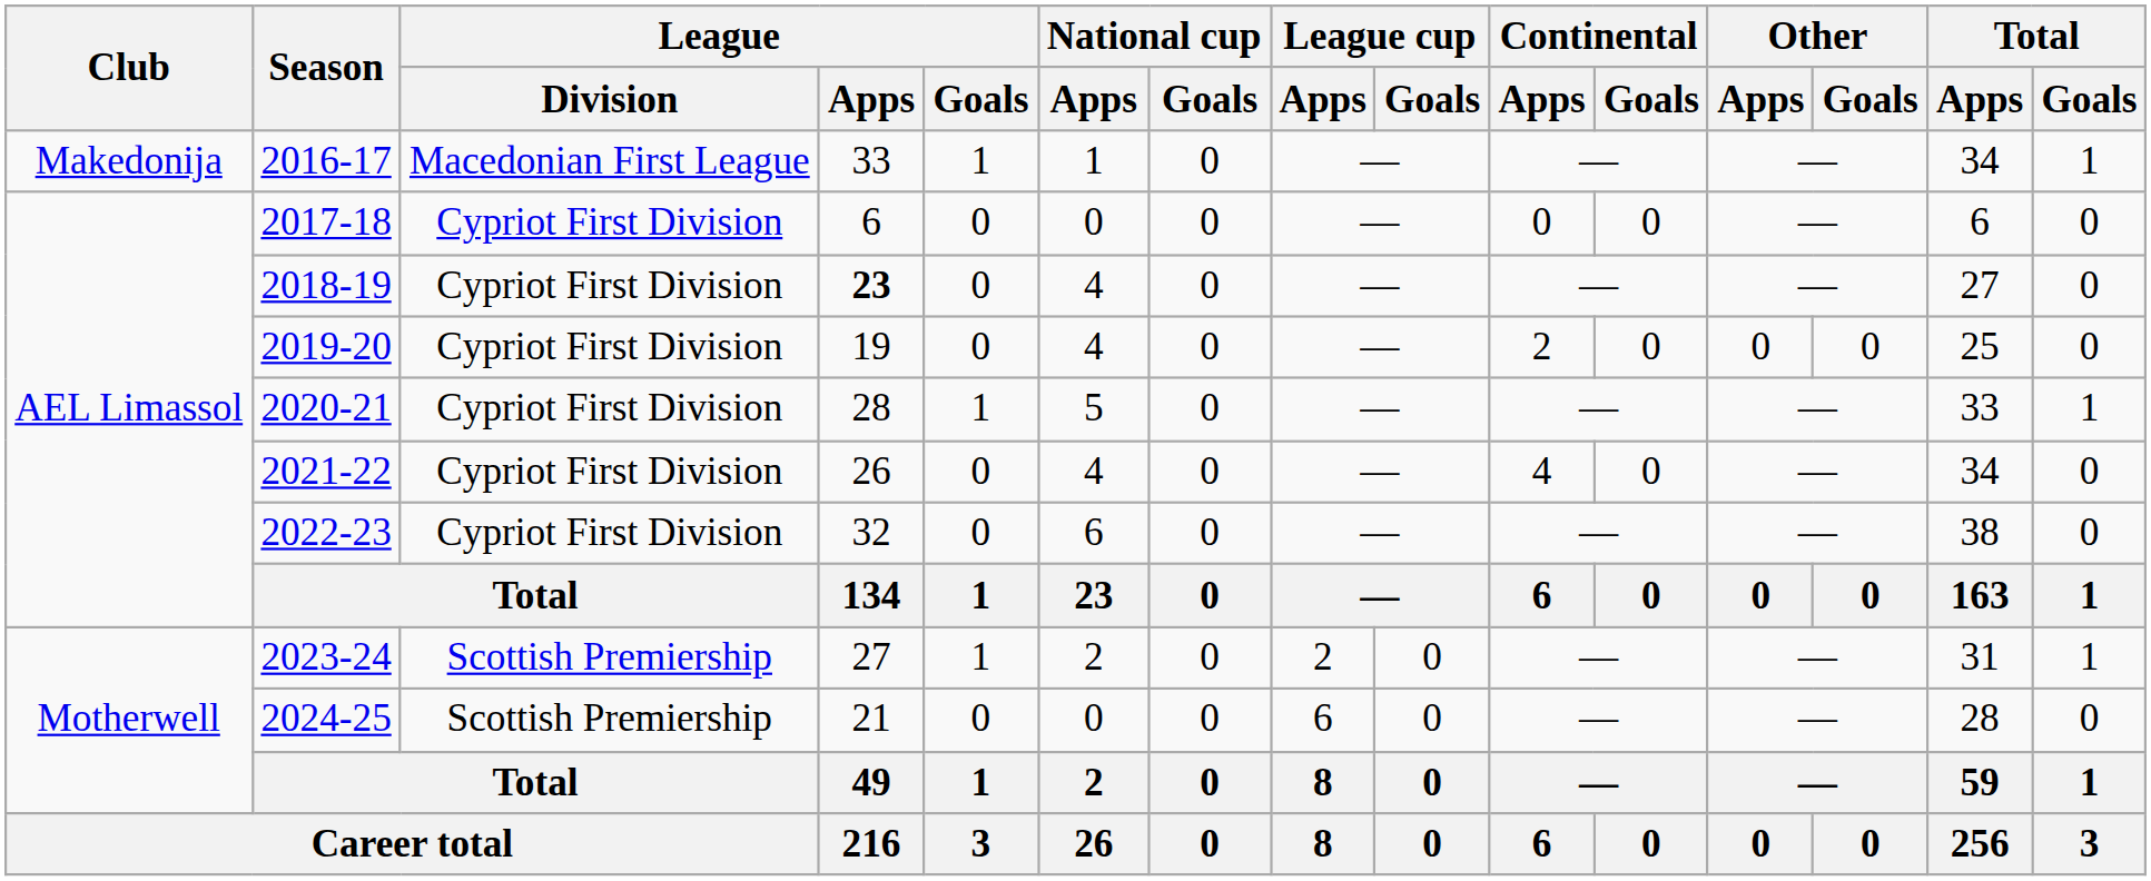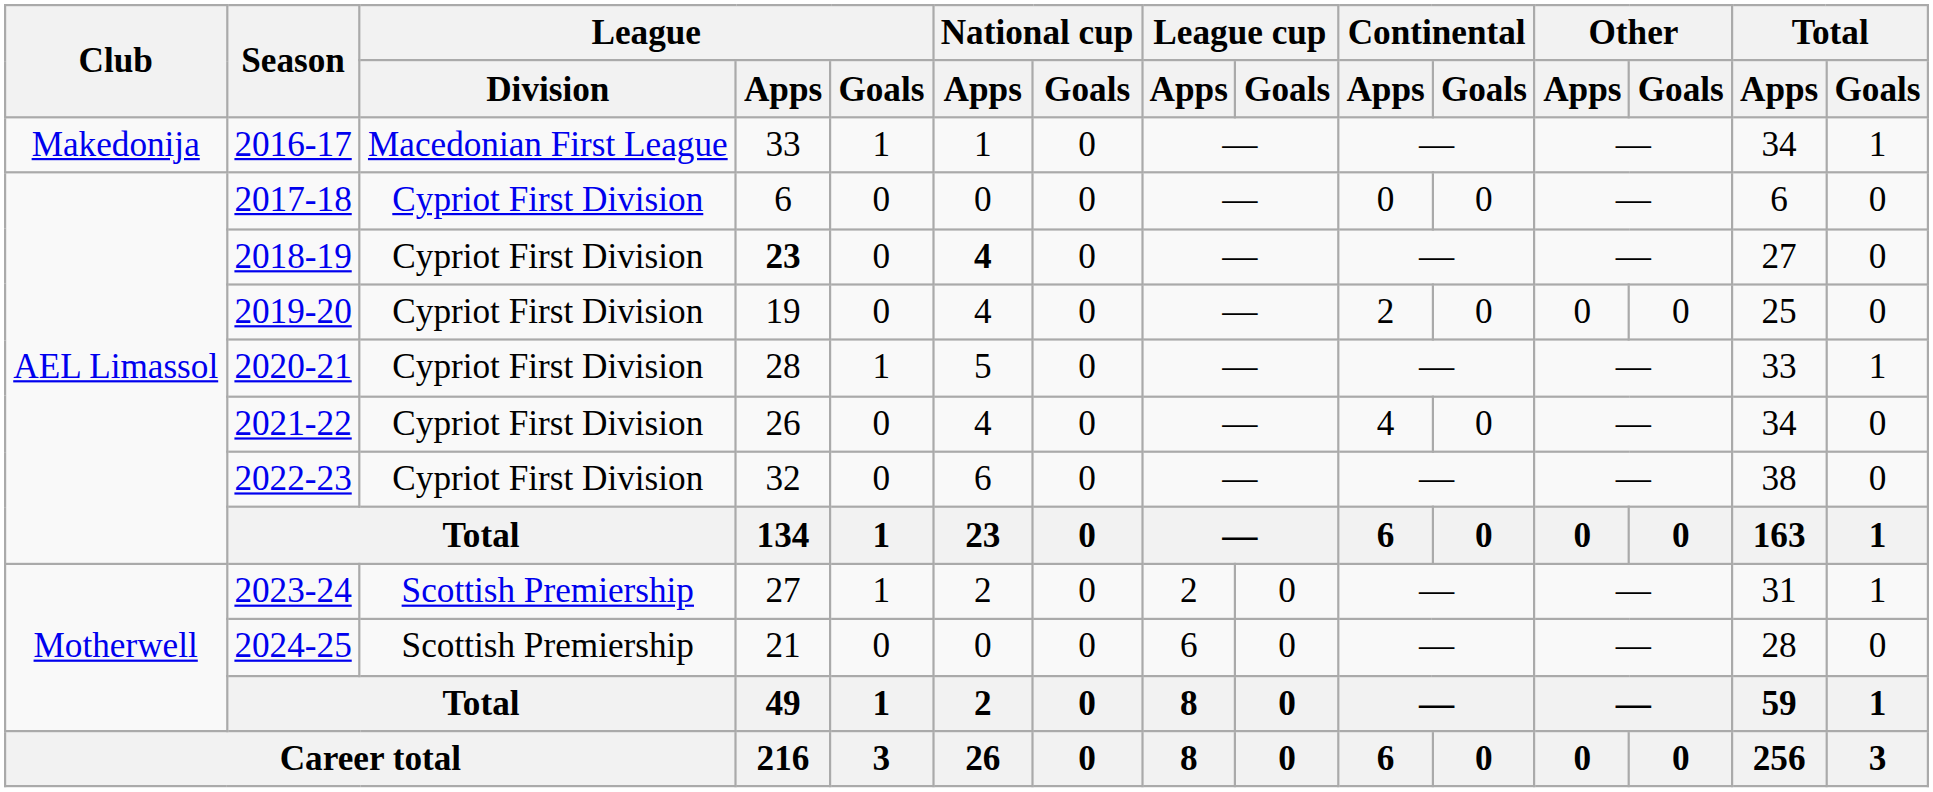 <table class="wikitable" style="text-align: center;">
 <tr>
 <th rowspan="2">Club</th>
 <th rowspan="2">Season</th>
 <th colspan="3">League</th>
 <th colspan="2">National cup</th>
 <th colspan="2">League cup</th>
 <th colspan="2">Continental</th>
 <th colspan="2">Other</th>
 <th colspan="2">Total</th>
 </tr>
 <tr>
 <th>Division</th>
 <th>Apps</th>
 <th>Goals</th>
 <th>Apps</th>
 <th>Goals</th>
 <th>Apps</th>
 <th>Goals</th>
 <th>Apps</th>
 <th>Goals</th>
 <th>Apps</th>
 <th>Goals</th>
 <th>Apps</th>
 <th>Goals</th>
 </tr>
 <tr>
 <td><a href='#'>Makedonija</a></td>
 <td><a href='#'>2016-17</a></td>
 <td><a href='#'>Macedonian First League</a></td>
 <td>33</td>
 <td>1</td>
 <td>1</td>
 <td>0</td>
 <td colspan="2">—</td>
 <td colspan="2">—</td>
 <td colspan="2">—</td>
 <td>34</td>
 <td>1</td>
 </tr>
 <tr>
 <td rowspan="7"><a href='#'>AEL Limassol</a></td>
 <td><a href='#'>2017-18</a></td>
 <td><a href='#'>Cypriot First Division</a></td>
 <td>6</td>
 <td>0</td>
 <td>0</td>
 <td>0</td>
 <td colspan="2">—</td>
 <td>0</td>
 <td>0</td>
 <td colspan="2">—</td>
 <td>6</td>
 <td>0</td>
 </tr>
 <tr>
 <td><a href='#'>2018-19</a></td>
 <td>Cypriot First Division</td>
 <td><strong>23</strong></td>
 <td>0</td>
-<td>4</td>
+<td><strong>4</strong></td>
 <td>0</td>
 <td colspan="2">—</td>
 <td colspan="2">—</td>
 <td colspan="2">—</td>
 <td>27</td>
 <td>0</td>
 </tr>
 <tr>
 <td><a href='#'>2019-20</a></td>
 <td>Cypriot First Division</td>
 <td>19</td>
 <td>0</td>
 <td>4</td>
 <td>0</td>
 <td colspan="2">—</td>
 <td>2</td>
 <td>0</td>
 <td>0</td>
 <td>0</td>
 <td>25</td>
 <td>0</td>
 </tr>
 <tr>
 <td><a href='#'>2020-21</a></td>
 <td>Cypriot First Division</td>
 <td>28</td>
 <td>1</td>
 <td>5</td>
 <td>0</td>
 <td colspan="2">—</td>
 <td colspan="2">—</td>
 <td colspan="2">—</td>
 <td>33</td>
 <td>1</td>
 </tr>
 <tr>
 <td><a href='#'>2021-22</a></td>
 <td>Cypriot First Division</td>
 <td>26</td>
 <td>0</td>
 <td>4</td>
 <td>0</td>
 <td colspan="2">—</td>
 <td>4</td>
 <td>0</td>
 <td colspan="2">—</td>
 <td>34</td>
 <td>0</td>
 </tr>
 <tr>
 <td><a href='#'>2022-23</a></td>
 <td>Cypriot First Division</td>
 <td>32</td>
 <td>0</td>
 <td>6</td>
 <td>0</td>
 <td colspan="2">—</td>
 <td colspan="2">—</td>
 <td colspan="2">—</td>
 <td>38</td>
 <td>0</td>
 </tr>
 <tr>
 <th colspan="2">Total</th>
 <th>134</th>
 <th>1</th>
 <th>23</th>
 <th>0</th>
 <th colspan="2">—</th>
 <th>6</th>
 <th>0</th>
 <th>0</th>
 <th>0</th>
 <th>163</th>
 <th>1</th>
 </tr>
 <tr>
 <td rowspan="3"><a href='#'>Motherwell</a></td>
 <td><a href='#'>2023-24</a></td>
 <td><a href='#'>Scottish Premiership</a></td>
 <td>27</td>
 <td>1</td>
 <td>2</td>
 <td>0</td>
 <td>2</td>
 <td>0</td>
 <td colspan="2">—</td>
 <td colspan="2">—</td>
 <td>31</td>
 <td>1</td>
 </tr>
 <tr>
 <td><a href='#'>2024-25</a></td>
 <td>Scottish Premiership</td>
 <td>21</td>
 <td>0</td>
 <td>0</td>
 <td>0</td>
 <td>6</td>
 <td>0</td>
 <td colspan="2">—</td>
 <td colspan="2">—</td>
 <td>28</td>
 <td>0</td>
 </tr>
 <tr>
 <th colspan="2">Total</th>
 <th>49</th>
 <th>1</th>
 <th>2</th>
 <th>0</th>
 <th>8</th>
 <th>0</th>
 <th colspan="2">—</th>
 <th colspan="2">—</th>
 <th>59</th>
 <th>1</th>
 </tr>
 <tr>
 <th colspan="3">Career total</th>
 <th>216</th>
 <th>3</th>
 <th>26</th>
 <th>0</th>
 <th>8</th>
 <th>0</th>
 <th>6</th>
 <th>0</th>
 <th>0</th>
 <th>0</th>
 <th>256</th>
 <th>3</th>
 </tr>
 </table>
